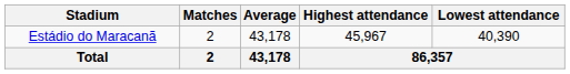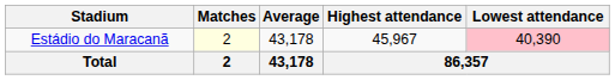 <table class="wikitable plainrowheaders sortable" style="text-align:center">
 <tr>
 <th scope="col" style="width:200px;" !>Stadium</th>
 <th scope="col" style="width:60px;" !>Matches</th>
 <th scope="col" style="width:60px;" !>Average</th>
 <th scope="col" style="width:150px;" !>Highest attendance</th>
 <th scope="col" style="width:150px;" !>Lowest attendance</th>
 </tr>
 <tr>
 <td><a href='#'>Estádio do Maracanã</a></td>
-<td>2</td>
+<td style="background: lightyellow;">2</td>
 <td>43,178</td>
 <td>45,967</td>
-<td>40,390</td>
+<td style="background: pink;">40,390</td>
 </tr>
 <tr>
 <th>Total</th>
 <th>2</th>
 <th>43,178</th>
 <th colspan="3">86,357</th>
 </tr>
 </table>
